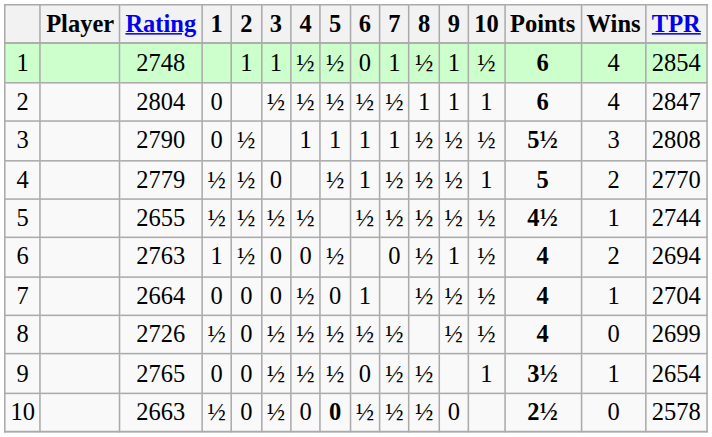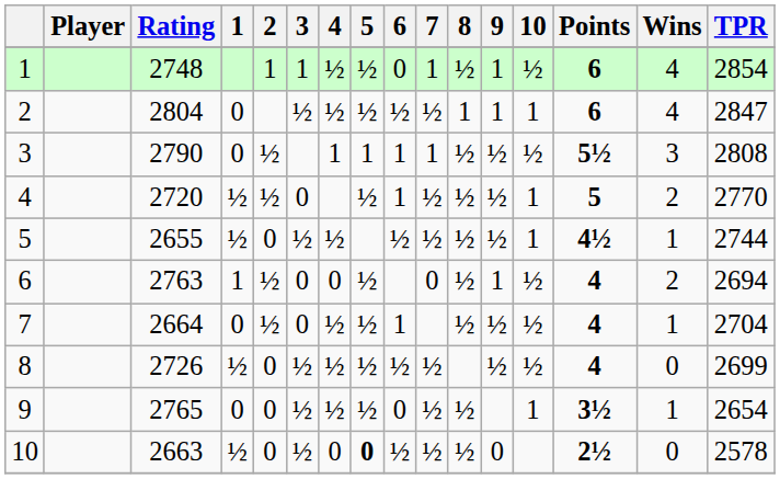 <table class="wikitable" style="text-align:center;">
 <tr>
 <th></th>
 <th>Player</th>
 <th><a href='#'>Rating</a></th>
 <th>1</th>
 <th>2</th>
 <th>3</th>
 <th>4</th>
 <th>5</th>
 <th>6</th>
 <th>7</th>
 <th>8</th>
 <th>9</th>
 <th>10</th>
 <th>Points</th>
 <th>Wins</th>
 <th><a href='#'>TPR</a></th>
 </tr>
 <tr>
 </tr>
 <tr style="background:#ccffcc;">
 <td>1</td>
 <td align=left><strong></strong></td>
 <td>2748</td>
 <td></td>
 <td>1</td>
 <td>1</td>
 <td>½</td>
 <td>½</td>
 <td>0</td>
 <td>1</td>
 <td>½</td>
 <td>1</td>
 <td>½</td>
 <td><strong>6</strong></td>
 <td>4</td>
 <td>2854</td>
 </tr>
 <tr>
 <td>2</td>
 <td align=left></td>
 <td>2804</td>
 <td>0</td>
 <td></td>
 <td>½</td>
 <td>½</td>
 <td>½</td>
 <td>½</td>
 <td>½</td>
 <td>1</td>
 <td>1</td>
 <td>1</td>
 <td><strong>6</strong></td>
 <td>4</td>
 <td>2847</td>
 </tr>
 <tr>
 <td>3</td>
 <td align=left></td>
 <td>2790</td>
 <td>0</td>
 <td>½</td>
 <td></td>
 <td>1</td>
 <td>1</td>
 <td>1</td>
 <td>1</td>
 <td>½</td>
 <td>½</td>
 <td>½</td>
 <td><strong>5½</strong></td>
 <td>3</td>
 <td>2808</td>
 </tr>
 <tr>
 <td>4</td>
 <td align=left></td>
-<td>2779</td>
+<td>2720</td>
 <td>½</td>
 <td>½</td>
 <td>0</td>
 <td></td>
 <td>½</td>
 <td>1</td>
 <td>½</td>
 <td>½</td>
 <td>½</td>
 <td>1</td>
 <td><strong>5</strong></td>
 <td>2</td>
 <td>2770</td>
 </tr>
 <tr>
 <td>5</td>
 <td align=left></td>
 <td>2655</td>
 <td>½</td>
-<td>½</td>
+<td>0</td>
 <td>½</td>
 <td>½</td>
 <td></td>
 <td>½</td>
 <td>½</td>
 <td>½</td>
 <td>½</td>
-<td>½</td>
+<td>1</td>
 <td><strong>4½</strong></td>
 <td>1</td>
 <td>2744</td>
 </tr>
 <tr>
 <td>6</td>
 <td align=left></td>
 <td>2763</td>
 <td>1</td>
 <td>½</td>
 <td>0</td>
 <td>0</td>
 <td>½</td>
 <td></td>
 <td>0</td>
 <td>½</td>
 <td>1</td>
 <td>½</td>
 <td><strong>4</strong></td>
 <td>2</td>
 <td>2694</td>
 </tr>
 <tr>
 <td>7</td>
 <td align=left></td>
 <td>2664</td>
 <td>0</td>
-<td>0</td>
+<td>½</td>
 <td>0</td>
 <td>½</td>
-<td>0</td>
+<td>½</td>
 <td>1</td>
 <td></td>
 <td>½</td>
 <td>½</td>
 <td>½</td>
 <td><strong>4</strong></td>
 <td>1</td>
 <td>2704</td>
 </tr>
 <tr>
 <td>8</td>
 <td align=left></td>
 <td>2726</td>
 <td>½</td>
 <td>0</td>
 <td>½</td>
 <td>½</td>
 <td>½</td>
 <td>½</td>
 <td>½</td>
 <td></td>
 <td>½</td>
 <td>½</td>
 <td><strong>4</strong></td>
 <td>0</td>
 <td>2699</td>
 </tr>
 <tr>
 <td>9</td>
 <td align=left></td>
 <td>2765</td>
 <td>0</td>
 <td>0</td>
 <td>½</td>
 <td>½</td>
 <td>½</td>
 <td>0</td>
 <td>½</td>
 <td>½</td>
 <td></td>
 <td>1</td>
 <td><strong>3½</strong></td>
 <td>1</td>
 <td>2654</td>
 </tr>
 <tr>
 <td>10</td>
 <td align=left></td>
 <td>2663</td>
 <td>½</td>
 <td>0</td>
 <td>½</td>
 <td>0</td>
 <td><strong>0</strong></td>
 <td>½</td>
 <td>½</td>
 <td>½</td>
 <td>0</td>
 <td></td>
 <td><strong>2½</strong></td>
 <td>0</td>
 <td>2578</td>
 </tr>
 <tr>
 </tr>
 </table>
